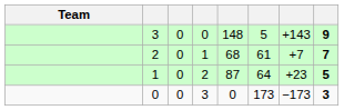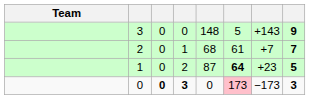 <table class="wikitable" style="text-align:center;">
 <tr>
 <th style="width:10.5em;">Team</th>
 <th style="width:1.5em;"></th>
 <th style="width:1.5em;"></th>
 <th style="width:1.5em;"></th>
 <th style="width:2.0em;"></th>
 <th style="width:2.0em;"></th>
 <th style="width:2.0em;"></th>
 <th style="width:1.5em;"></th>
 </tr>
 <tr bgcolor=#cfc>
 <td align="left"></td>
 <td>3</td>
 <td>0</td>
 <td>0</td>
 <td>148</td>
 <td>5</td>
 <td>+143</td>
 <td><strong>9</strong></td>
 </tr>
 <tr bgcolor=#cfc>
 <td align="left"></td>
 <td>2</td>
 <td>0</td>
 <td>1</td>
 <td>68</td>
 <td>61</td>
 <td>+7</td>
 <td><strong>7</strong></td>
 </tr>
 <tr bgcolor=#cfc>
 <td align="left"></td>
 <td>1</td>
 <td>0</td>
 <td>2</td>
 <td>87</td>
-<td>64</td>
+<td><strong>64</strong></td>
 <td>+23</td>
 <td><strong>5</strong></td>
 </tr>
 <tr>
 <td align="left"></td>
 <td>0</td>
+<td><strong>0</strong></td>
+<td><strong>3</strong></td>
 <td>0</td>
-<td>3</td>
-<td>0</td>
-<td>173</td>
+<td style="background: pink;">173</td>
 <td>−173</td>
 <td><strong>3</strong></td>
 </tr>
 </table>
